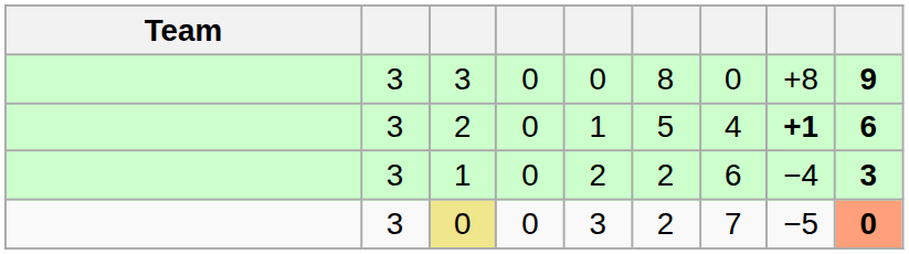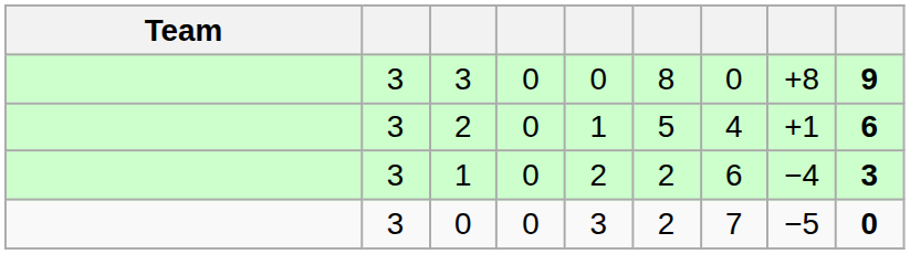 <table class="wikitable" style="text-align: center; font-size:90% ">
 <tr>
 <th width=160>Team</th>
 <th width=25></th>
 <th width=25></th>
 <th width=25></th>
 <th width=25></th>
 <th width=25></th>
 <th width=25></th>
 <th width=25></th>
 <th width=25></th>
 </tr>
 <tr bgcolor=#ccffcc>
 <td align=left></td>
 <td>3</td>
 <td>3</td>
 <td>0</td>
 <td>0</td>
 <td>8</td>
 <td>0</td>
 <td>+8</td>
 <td><strong>9</strong></td>
 </tr>
 <tr bgcolor=#ccffcc>
 <td align=left></td>
 <td>3</td>
 <td>2</td>
 <td>0</td>
 <td>1</td>
 <td>5</td>
 <td>4</td>
-<td><strong>+1</strong></td>
+<td>+1</td>
 <td><strong>6</strong></td>
 </tr>
 <tr bgcolor=#ccffcc>
 <td align=left><strong></strong></td>
 <td>3</td>
 <td>1</td>
 <td>0</td>
 <td>2</td>
 <td>2</td>
 <td>6</td>
 <td>−4</td>
 <td><strong>3</strong></td>
 </tr>
 <tr>
 <td align=left></td>
 <td>3</td>
-<td style="background: khaki;">0</td>
+<td>0</td>
 <td>0</td>
 <td>3</td>
 <td>2</td>
 <td>7</td>
 <td>−5</td>
-<td style="background: lightsalmon;"><strong>0</strong></td>
+<td><strong>0</strong></td>
 </tr>
 </table>
